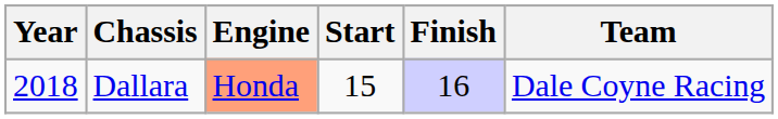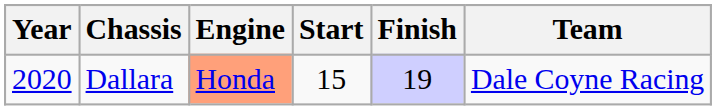 <table class="wikitable" style="font-size: 90%;">
 <tr>
 <th>Year</th>
 <th>Chassis</th>
 <th>Engine</th>
 <th>Start</th>
 <th>Finish</th>
 <th>Team</th>
 </tr>
 <tr>
-<td><a href='#'>2018</a></td>
+<td><a href='#'>2020</a></td>
 <td><a href='#'>Dallara</a></td>
 <td style="background: lightsalmon;"><a href='#'>Honda</a></td>
 <td style="text-align:center;">15</td>
-<td style="text-align:center; background:#CFCFFF;">16</td>
+<td style="text-align:center; background:#CFCFFF;">19</td>
 <td nowrap><a href='#'>Dale Coyne Racing</a></td>
 </tr>
 </table>
